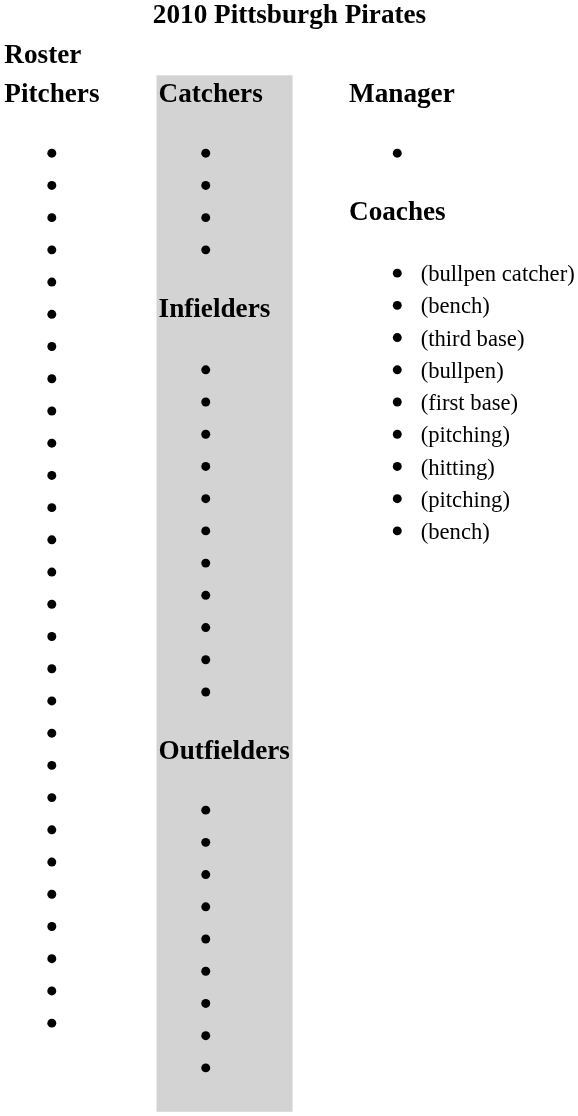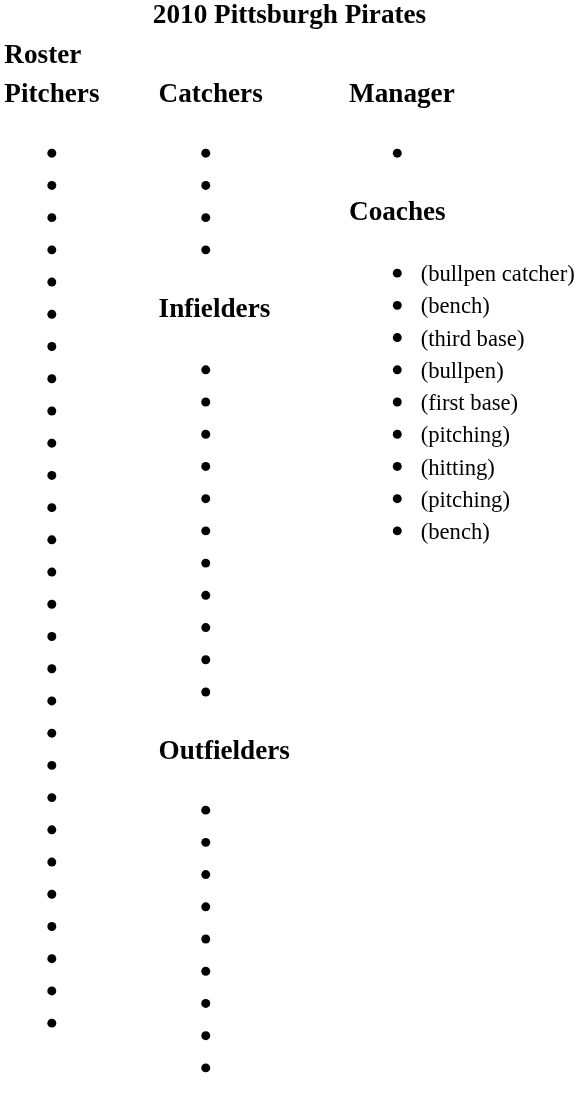 <table class="toccolours" style="font-size: 95%;">
 <tr>
 <th colspan="10">2010 Pittsburgh Pirates</th>
 </tr>
 <tr>
 <td colspan="10"><strong>Roster</strong></td>
 </tr>
 <tr>
 <td valign="top"><strong>Pitchers</strong><br><ul><li></li><li></li><li></li><li></li><li></li><li></li><li></li><li></li><li></li><li></li><li></li><li></li><li></li><li></li><li></li><li></li><li></li><li></li><li></li><li></li><li></li><li></li><li></li><li></li><li></li><li></li><li></li><li></li></ul></td>
 <td width="25px"></td>
-<td valign="top" style="background: lightgrey;"><strong>Catchers</strong><br><ul><li></li><li></li><li></li><li></li></ul><strong>Infielders</strong><ul><li></li><li></li><li></li><li></li><li></li><li></li><li></li><li></li><li></li><li></li><li></li></ul><strong>Outfielders</strong><ul><li></li><li></li><li></li><li></li><li></li><li></li><li></li><li></li><li></li></ul></td>
+<td valign="top"><strong>Catchers</strong><br><ul><li></li><li></li><li></li><li></li></ul><strong>Infielders</strong><ul><li></li><li></li><li></li><li></li><li></li><li></li><li></li><li></li><li></li><li></li><li></li></ul><strong>Outfielders</strong><ul><li></li><li></li><li></li><li></li><li></li><li></li><li></li><li></li><li></li></ul></td>
 <td width="25px"></td>
 <td valign="top"><strong>Manager</strong><br><ul><li></li></ul><strong>Coaches</strong><ul><li> <small>(bullpen catcher)</small></li><li> <small>(bench)</small></li><li> <small>(third base)</small></li><li> <small>(bullpen)</small></li><li> <small>(first base)</small></li><li> <small>(pitching)</small></li><li> <small>(hitting)</small></li><li> <small>(pitching)</small></li><li> <small>(bench)</small></li></ul></td>
 </tr>
 </table>
